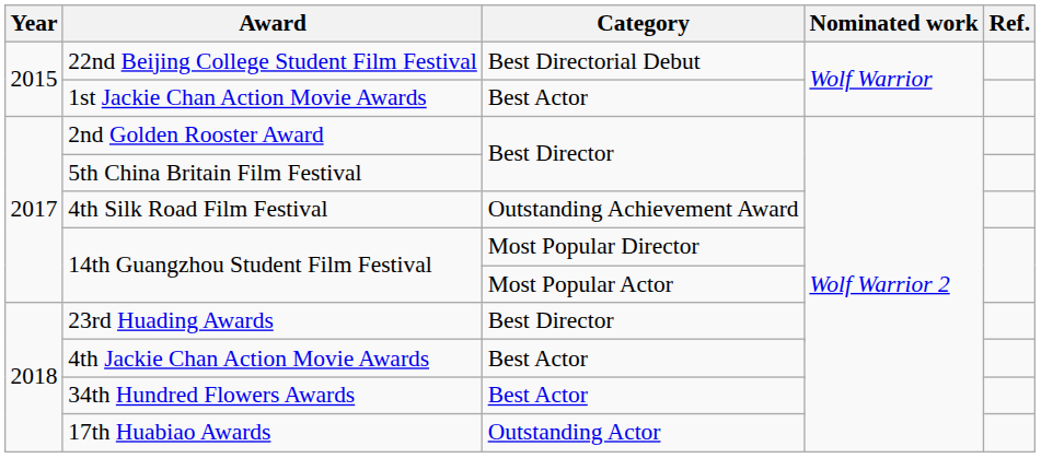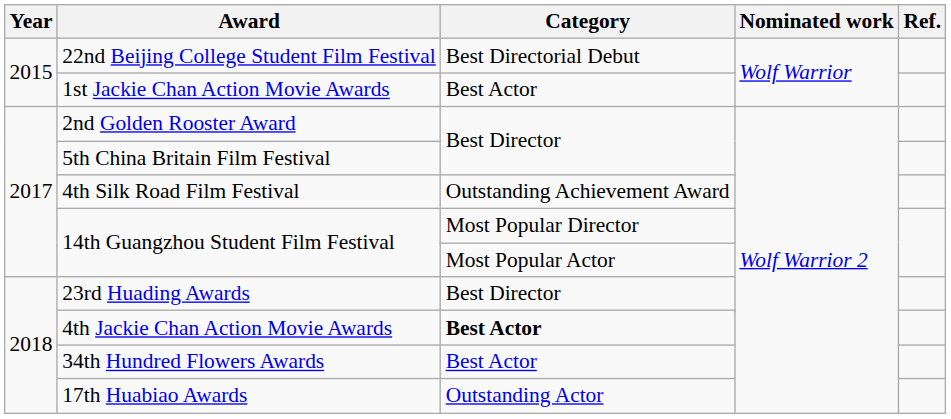 <table class="wikitable">
 <tr>
 <th>Year</th>
 <th>Award</th>
 <th>Category</th>
 <th>Nominated work</th>
 <th>Ref.</th>
 </tr>
 <tr>
 <td rowspan=2>2015</td>
 <td>22nd <a href='#'>Beijing College Student Film Festival</a></td>
 <td>Best Directorial Debut</td>
 <td rowspan=2><em><a href='#'>Wolf Warrior</a></em></td>
 <td></td>
 </tr>
 <tr>
 <td>1st <a href='#'>Jackie Chan Action Movie Awards</a></td>
 <td rowspan=2>Best Actor</td>
 <td></td>
 </tr>
 <tr>
 <td rowspan=6>2017</td>
 <td rowspan=2>2nd <a href='#'>Golden Rooster Award</a></td>
 <td rowspan=11><em><a href='#'>Wolf Warrior 2</a></em></td>
 <td rowspan=2></td>
 </tr>
 <tr>
 <td rowspan=2>Best Director</td>
 </tr>
 <tr>
 <td>5th China Britain Film Festival</td>
 <td></td>
 </tr>
 <tr>
 <td>4th Silk Road Film Festival</td>
 <td>Outstanding Achievement Award</td>
 <td></td>
 </tr>
 <tr>
 <td rowspan=2>14th Guangzhou Student Film Festival</td>
 <td>Most Popular Director</td>
 <td rowspan=2></td>
 </tr>
 <tr>
 <td>Most Popular Actor</td>
 </tr>
 <tr>
 <td rowspan=5>2018</td>
 <td>23rd <a href='#'>Huading Awards</a></td>
 <td rowspan=2>Best Director</td>
 <td></td>
 </tr>
 <tr>
 <td rowspan=2>4th <a href='#'>Jackie Chan Action Movie Awards</a></td>
 <td rowspan=2></td>
 </tr>
 <tr>
-<td>Best Actor</td>
+<td><strong>Best Actor</strong></td>
 </tr>
 <tr>
 <td>34th <a href='#'>Hundred Flowers Awards</a></td>
 <td><a href='#'>Best Actor</a></td>
 <td></td>
 </tr>
 <tr>
 <td>17th <a href='#'>Huabiao Awards</a></td>
 <td><a href='#'>Outstanding Actor</a></td>
 <td></td>
 </tr>
 </table>
